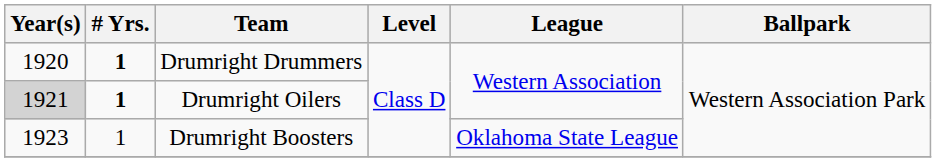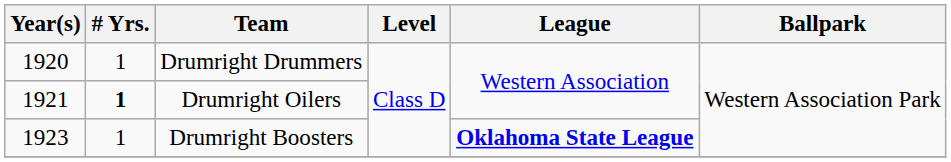 <table class="wikitable" style="text-align:center; font-size: 95%;">
 <tr>
 <th>Year(s)</th>
 <th># Yrs.</th>
 <th>Team</th>
 <th>Level</th>
 <th>League</th>
 <th>Ballpark</th>
 </tr>
 <tr>
 <td>1920</td>
-<td><strong>1</strong></td>
+<td>1</td>
 <td>Drumright Drummers</td>
 <td rowspan=3><a href='#'>Class D</a></td>
 <td rowspan=2><a href='#'>Western Association</a></td>
 <td rowspan=3>Western Association Park</td>
 </tr>
 <tr>
-<td style="background: lightgrey;">1921</td>
+<td>1921</td>
 <td><strong>1</strong></td>
 <td>Drumright Oilers</td>
 </tr>
 <tr>
 <td>1923</td>
 <td>1</td>
 <td>Drumright Boosters</td>
-<td><a href='#'>Oklahoma State League</a></td>
+<td><strong><a href='#'>Oklahoma State League</a></strong></td>
 </tr>
 <tr>
 </tr>
 </table>
